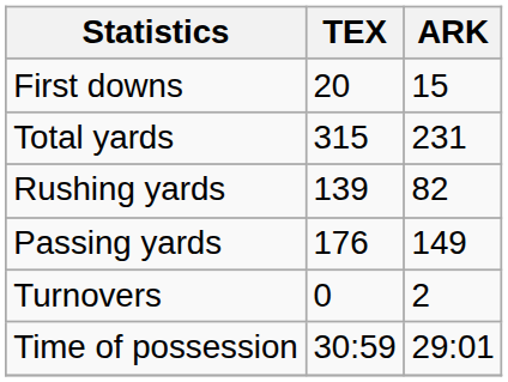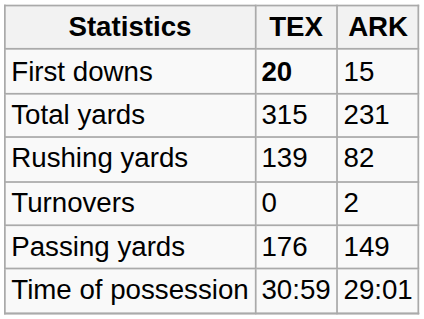 <table class="wikitable" style="float: left;">
 <tr>
 <th>Statistics</th>
 <th>TEX</th>
 <th>ARK</th>
 </tr>
 <tr>
 <td>First downs</td>
-<td>20</td>
+<td><strong>20</strong></td>
 <td>15</td>
 </tr>
 <tr>
 <td>Total yards</td>
 <td>315</td>
 <td>231</td>
 </tr>
 <tr>
 <td>Rushing yards</td>
 <td>139</td>
 <td>82</td>
 </tr>
 <tr>
+<td>Turnovers</td>
+<td>0</td>
+<td>2</td>
+</tr>
+<tr>
 <td>Passing yards</td>
 <td>176</td>
 <td>149</td>
-</tr>
-<tr>
-<td>Turnovers</td>
-<td>0</td>
-<td>2</td>
 </tr>
 <tr>
 <td>Time of possession</td>
 <td>30:59</td>
 <td>29:01</td>
 </tr>
 <tr>
 </tr>
 </table>
